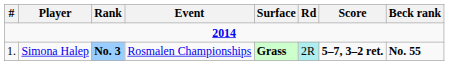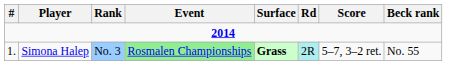 <table class="wikitable sortable">
 <tr>
 <th>#</th>
 <th>Player</th>
 <th>Rank</th>
 <th>Event</th>
 <th>Surface</th>
 <th>Rd</th>
 <th class="unsortable">Score</th>
 <th>Beck rank</th>
 </tr>
 <tr>
 <td colspan=8 style=text-align:center><strong><a href='#'>2014</a></strong></td>
 </tr>
 <tr>
 <td>1.</td>
 <td> <a href='#'>Simona Halep</a></td>
-<td style="background:#9cf;"><strong>No. 3</strong></td>
-<td><a href='#'>Rosmalen Championships</a></td>
+<td style="background:#9cf;">No. 3</td>
+<td style="background: lightgreen;"><a href='#'>Rosmalen Championships</a></td>
 <td style="background:#cfc;"><strong>Grass</strong></td>
 <td bgcolor=afeeee>2R</td>
-<td><strong>5–7, 3–2 ret.</strong></td>
-<td><strong>No. 55</strong></td>
+<td>5–7, 3–2 ret.</td>
+<td>No. 55</td>
 </tr>
 </table>
